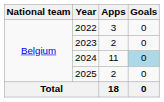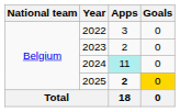 <table class="wikitable" style="text-align: center;">
 <tr>
 <th>National team</th>
 <th>Year</th>
 <th>Apps</th>
 <th>Goals</th>
 </tr>
 <tr>
 <td rowspan="4"><a href='#'>Belgium</a></td>
 <td>2022</td>
 <td>3</td>
 <td>0</td>
 </tr>
 <tr>
 <td>2023</td>
 <td>2</td>
 <td>0</td>
 </tr>
 <tr>
 <td>2024</td>
-<td>11</td>
-<td style="background: lightblue;">0</td>
+<td style="background: paleturquoise;">11</td>
+<td>0</td>
 </tr>
 <tr>
 <td>2025</td>
-<td>2</td>
-<td>0</td>
+<td><strong>2</strong></td>
+<td style="background: gold;">0</td>
 </tr>
 <tr>
 <th colspan="2">Total</th>
 <th>18</th>
 <th>0</th>
 </tr>
 </table>
